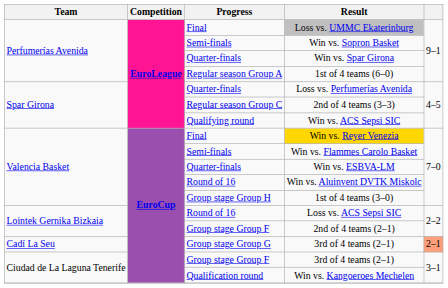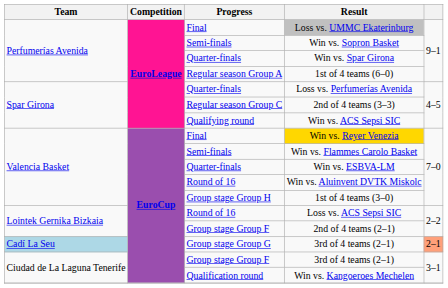 <table class="wikitable sortable">
 <tr>
 <th>Team</th>
 <th>Competition</th>
 <th>Progress</th>
 <th>Result</th>
 <th></th>
 </tr>
 <tr>
 <td rowspan="4"><a href='#'>Perfumerías Avenida</a></td>
 <td rowspan="7" style="background:#FF1493;color:white;text-align:center"><strong><a href='#'><span>EuroLeague</span></a></strong></td>
 <td><a href='#'>Final</a></td>
 <td style="background:#C0C0C0;text-align:center">Loss vs.  <a href='#'>UMMC Ekaterinburg</a></td>
 <td rowspan="4" style="text-align:center">9–1</td>
 </tr>
 <tr>
 <td><a href='#'>Semi-finals</a></td>
 <td style="text-align:center">Win vs.  <a href='#'>Sopron Basket</a></td>
 </tr>
 <tr>
 <td><a href='#'>Quarter-finals</a></td>
 <td style="text-align:center">Win vs.  <a href='#'>Spar Girona</a></td>
 </tr>
 <tr>
 <td><a href='#'>Regular season Group A</a></td>
 <td style="text-align:center">1st of 4 teams (6–0)</td>
 </tr>
 <tr>
 <td rowspan="3"><a href='#'>Spar Girona</a></td>
 <td><a href='#'>Quarter-finals</a></td>
 <td style="text-align:center">Loss vs.  <a href='#'>Perfumerías Avenida</a></td>
 <td rowspan="3" style="text-align:center">4–5</td>
 </tr>
 <tr>
 <td><a href='#'>Regular season Group C</a></td>
 <td style="text-align:center">2nd of 4 teams (3–3)</td>
 </tr>
 <tr>
 <td><a href='#'>Qualifying round</a></td>
 <td style="text-align:center">Win vs.  <a href='#'>ACS Sepsi SIC</a></td>
 </tr>
 <tr>
 <td rowspan="5"><a href='#'>Valencia Basket</a></td>
 <td rowspan="10" style="background-color:#9A4EAE;color:white;text-align:center"><strong><a href='#'><span>EuroCup</span></a></strong></td>
 <td><a href='#'>Final</a></td>
 <td style="background:#FFD700;text-align:center">Win vs.  <a href='#'>Reyer Venezia</a></td>
 <td rowspan="5" style="text-align:center">7–0</td>
 </tr>
 <tr>
 <td><a href='#'>Semi-finals</a></td>
 <td style="text-align:center">Win vs.  <a href='#'>Flammes Carolo Basket</a></td>
 </tr>
 <tr>
 <td><a href='#'>Quarter-finals</a></td>
 <td style="text-align:center">Win vs.  <a href='#'>ESBVA-LM</a></td>
 </tr>
 <tr>
 <td><a href='#'>Round of 16</a></td>
 <td style="text-align:center">Win vs.  <a href='#'>Aluinvent DVTK Miskolc</a></td>
 </tr>
 <tr>
 <td><a href='#'>Group stage Group H</a></td>
 <td style="text-align:center">1st of 4 teams (3–0)</td>
 </tr>
 <tr>
 <td rowspan="2"><a href='#'>Lointek Gernika Bizkaia</a></td>
 <td><a href='#'>Round of 16</a></td>
 <td style="text-align:center">Loss vs.  <a href='#'>ACS Sepsi SIC</a></td>
 <td rowspan="2" style="text-align:center">2–2</td>
 </tr>
 <tr>
 <td><a href='#'>Group stage Group F</a></td>
 <td style="text-align:center">2nd of 4 teams (2–1)</td>
 </tr>
 <tr>
-<td><a href='#'>Cadí La Seu</a></td>
+<td style="background: lightblue;"><a href='#'>Cadí La Seu</a></td>
 <td><a href='#'>Group stage Group G</a></td>
 <td style="text-align:center">3rd of 4 teams (2–1)</td>
 <td style="background: lightsalmon; text-align:center">2–1</td>
 </tr>
 <tr>
 <td rowspan="2">Ciudad de La Laguna Tenerife</td>
 <td><a href='#'>Group stage Group F</a></td>
 <td style="text-align:center">3rd of 4 teams (2–1)</td>
 <td rowspan="2" style="text-align:center">3–1</td>
 </tr>
 <tr>
 <td><a href='#'>Qualification round</a></td>
 <td style="text-align:center">Win vs.  <a href='#'>Kangoeroes Mechelen</a></td>
 </tr>
 <tr>
 </tr>
 </table>
